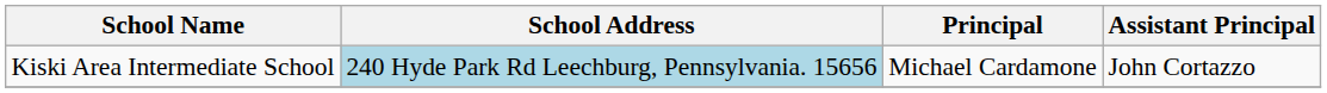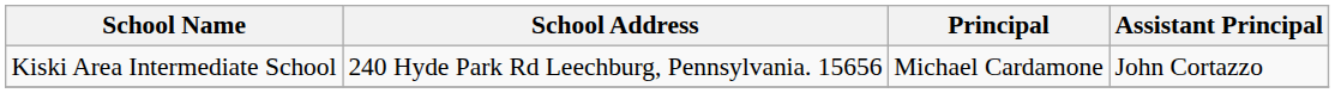 <table class="wikitable">
 <tr>
 <th>School Name</th>
 <th>School Address</th>
 <th>Principal</th>
 <th>Assistant Principal</th>
 </tr>
 <tr>
 <td>Kiski Area Intermediate School</td>
-<td style="background: lightblue;">240 Hyde Park Rd Leechburg, Pennsylvania. 15656</td>
+<td>240 Hyde Park Rd Leechburg, Pennsylvania. 15656</td>
 <td>Michael Cardamone</td>
 <td>John Cortazzo</td>
 </tr>
 <tr>
 </tr>
 </table>
